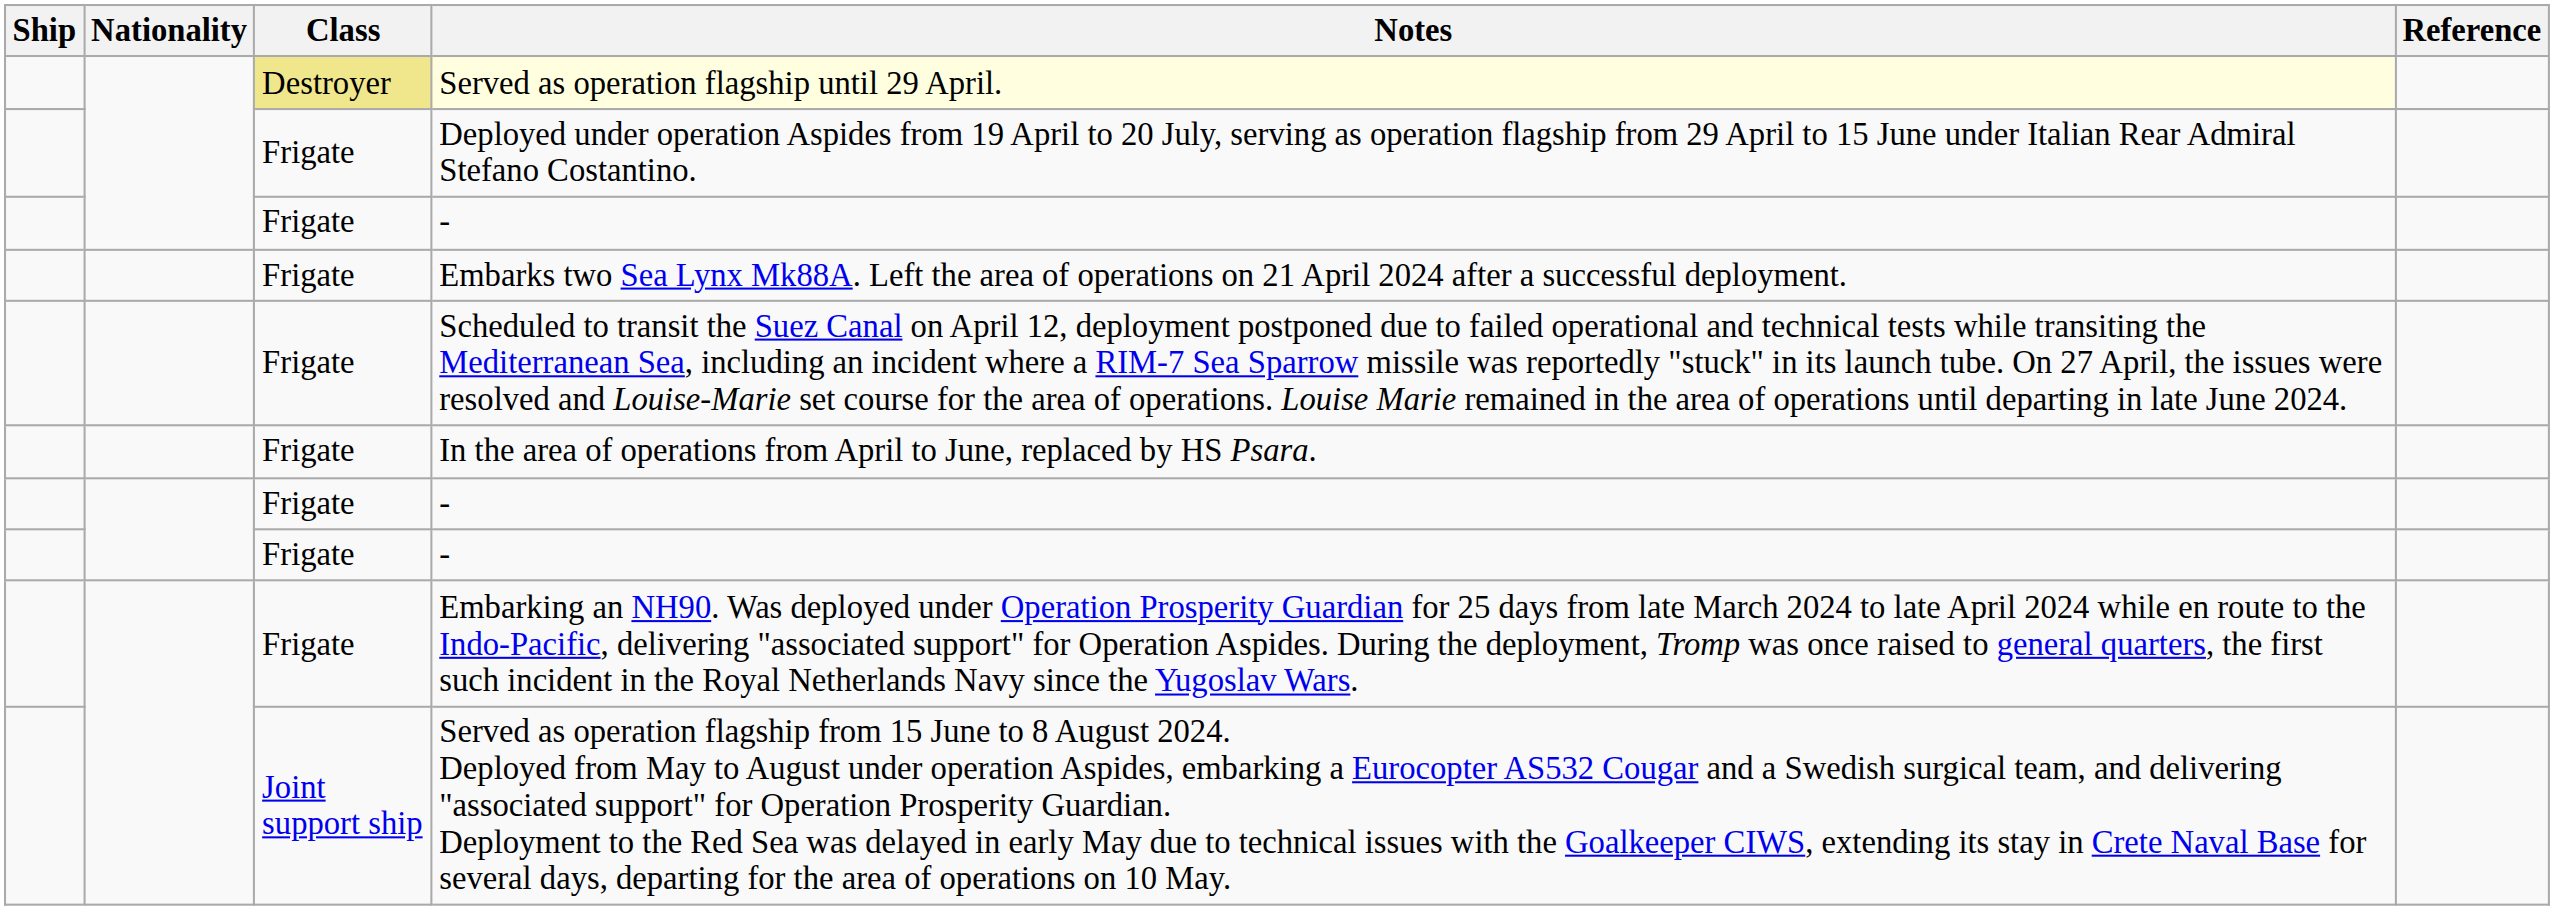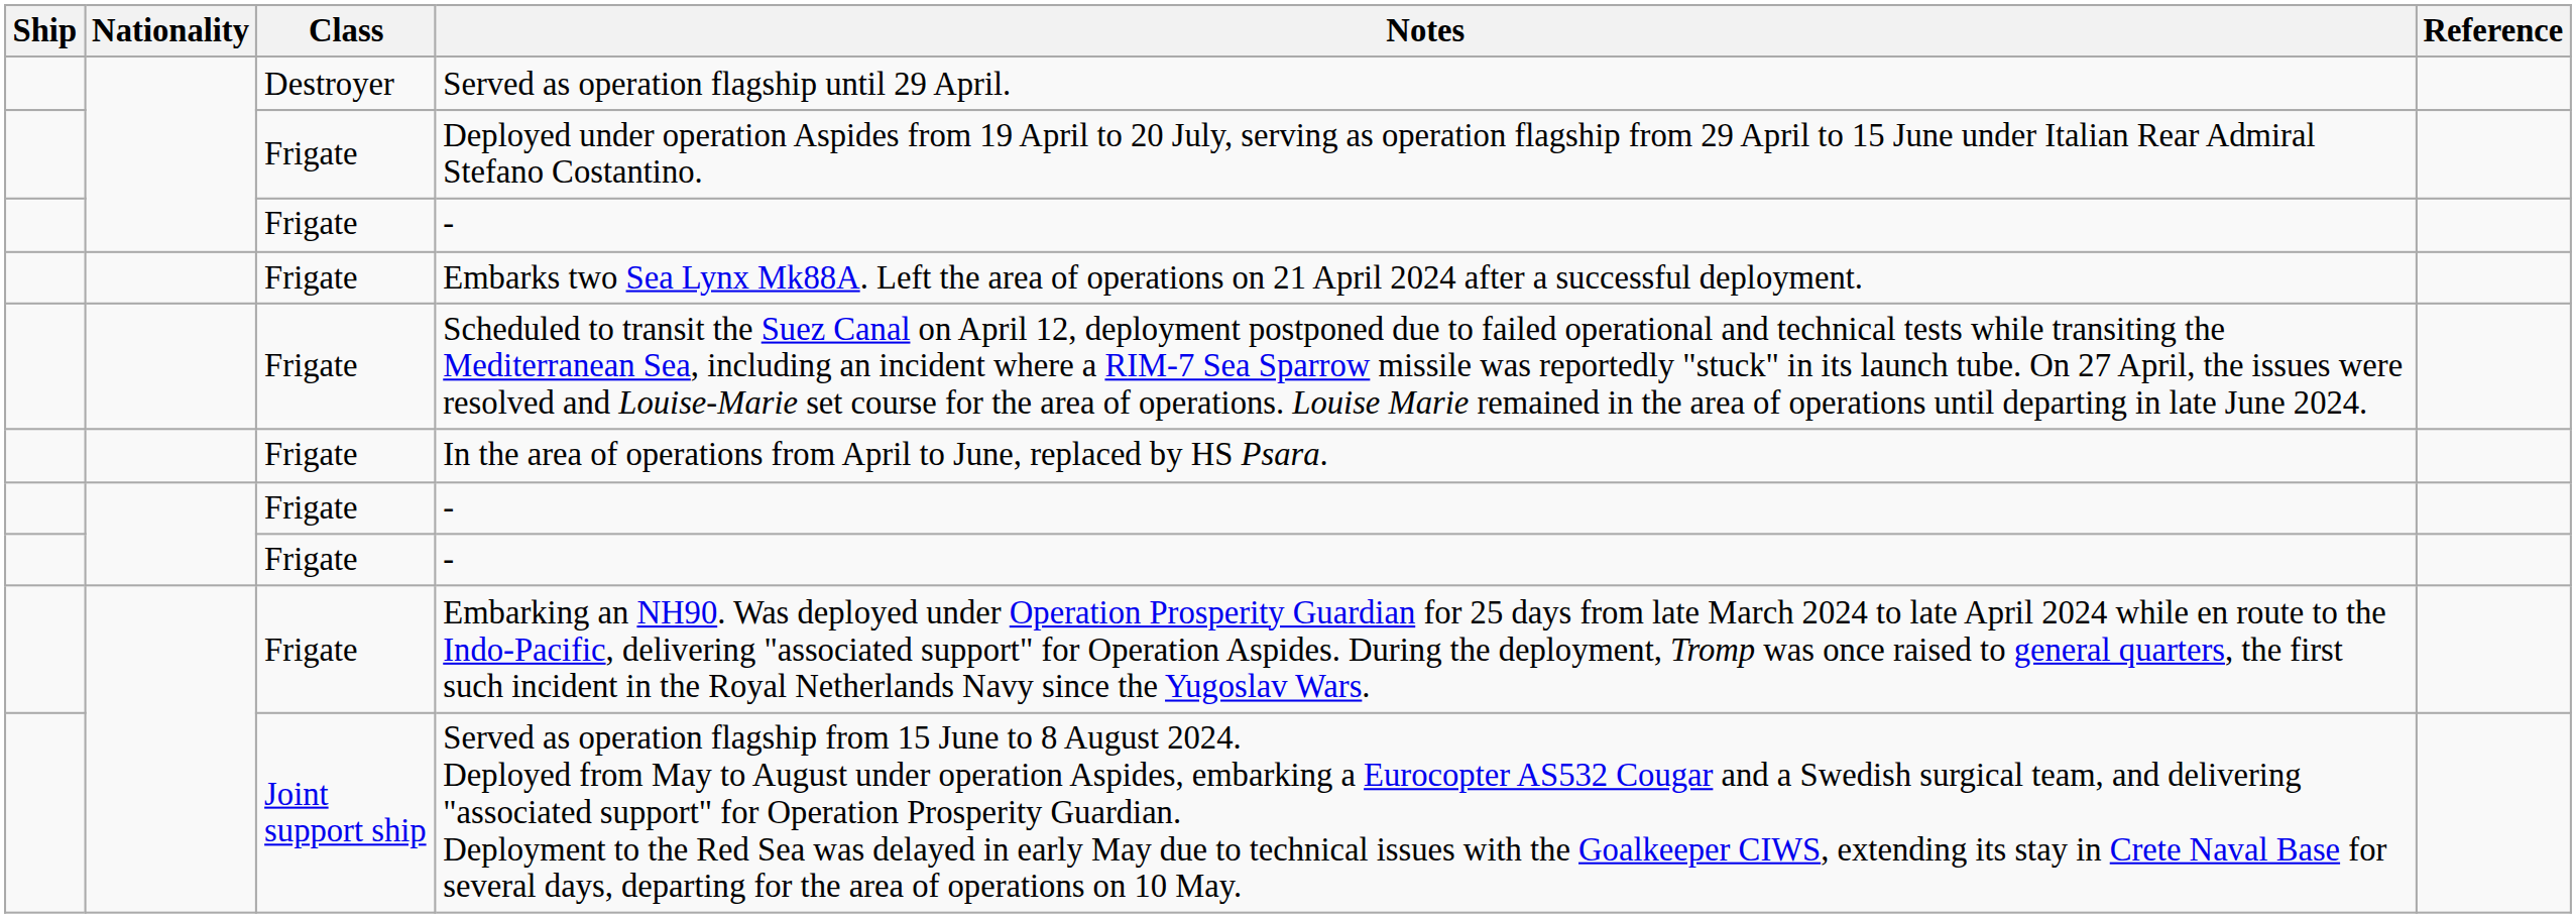 <table class="wikitable">
 <tr>
 <th>Ship</th>
 <th>Nationality</th>
 <th>Class</th>
 <th>Notes</th>
 <th>Reference</th>
 </tr>
 <tr>
 <td></td>
 <td rowspan="3"></td>
-<td style="background: khaki;">Destroyer</td>
-<td style="background: lightyellow;">Served as operation flagship until 29 April.</td>
+<td>Destroyer</td>
+<td>Served as operation flagship until 29 April.</td>
 <td></td>
 </tr>
 <tr>
 <td></td>
 <td>Frigate</td>
 <td>Deployed under operation Aspides from 19 April to 20 July, serving as operation flagship from 29 April to 15 June under Italian Rear Admiral Stefano Costantino.</td>
 <td></td>
 </tr>
 <tr>
 <td></td>
 <td>Frigate</td>
 <td>-</td>
 <td></td>
 </tr>
 <tr>
 <td></td>
 <td></td>
 <td>Frigate</td>
 <td>Embarks two <a href='#'>Sea Lynx Mk88A</a>. Left the area of operations on 21 April 2024 after a successful deployment.</td>
 <td></td>
 </tr>
 <tr>
 <td></td>
 <td></td>
 <td>Frigate</td>
 <td>Scheduled to transit the <a href='#'>Suez Canal</a> on April 12, deployment postponed due to failed operational and technical tests while transiting the <a href='#'>Mediterranean Sea</a>, including an incident where a <a href='#'>RIM-7 Sea Sparrow</a> missile was reportedly "stuck" in its launch tube. On 27 April, the issues were resolved and <em>Louise-Marie</em> set course for the area of operations. <em>Louise Marie</em> remained in the area of operations until departing in late June 2024.</td>
 <td></td>
 </tr>
 <tr>
 <td></td>
 <td></td>
 <td>Frigate</td>
 <td>In the area of operations from April to June, replaced by HS <em>Psara</em>.</td>
 <td></td>
 </tr>
 <tr>
 <td></td>
 <td rowspan="2"></td>
 <td>Frigate</td>
 <td>-</td>
 <td></td>
 </tr>
 <tr>
 <td></td>
 <td>Frigate</td>
 <td>-</td>
 <td></td>
 </tr>
 <tr>
 <td></td>
 <td rowspan="2"></td>
 <td>Frigate</td>
 <td>Embarking an <a href='#'>NH90</a>. Was deployed under <a href='#'>Operation Prosperity Guardian</a> for 25 days from late March 2024 to late April 2024 while en route to the <a href='#'>Indo-Pacific</a>, delivering "associated support" for Operation Aspides. During the deployment, <em>Tromp</em> was once raised to <a href='#'>general quarters</a>, the first such incident in the Royal Netherlands Navy since the <a href='#'>Yugoslav Wars</a>.</td>
 <td></td>
 </tr>
 <tr>
 <td></td>
 <td><a href='#'>Joint support ship</a></td>
 <td>Served as operation flagship from 15 June to 8 August 2024.<br>Deployed from May to August under operation Aspides, embarking a <a href='#'>Eurocopter AS532 Cougar</a> and a Swedish surgical team, and delivering "associated support" for Operation Prosperity Guardian.<br>Deployment to the Red Sea was delayed in early May due to technical issues with the <a href='#'>Goalkeeper CIWS</a>, extending its stay in <a href='#'>Crete Naval Base</a> for several days, departing for the area of operations on 10 May.</td>
 <td><br></td>
 </tr>
 </table>
